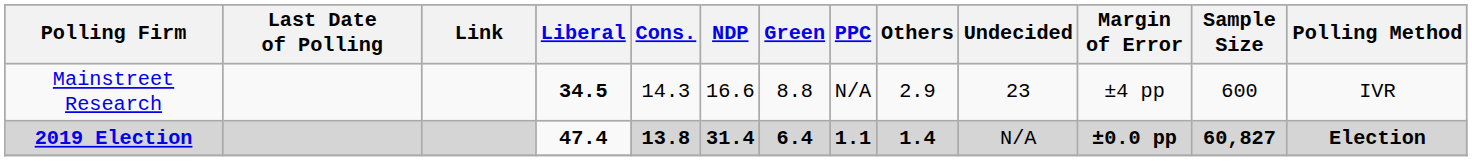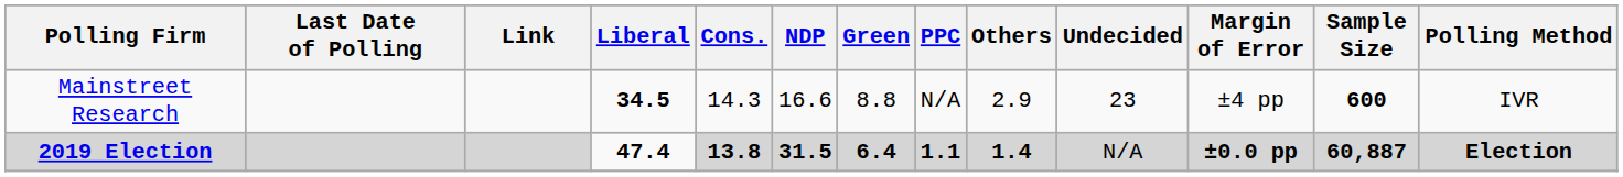 <table class="wikitable sortable" style="text-align:center;font-size:90%;line-height:14px;">
 <tr style="background:#e9e9e9;">
 <th style="width:120px">Polling Firm</th>
 <th style="width:110px">Last Date<br>of Polling</th>
 <th style="width:60px" class="unsortable">Link</th>
 <th style="background-color:"><a href='#'>Liberal</a></th>
 <th style="background-color:"><a href='#'>Cons.</a></th>
 <th style="background-color:"><a href='#'>NDP</a></th>
 <th style="background-color:"><a href='#'>Green</a></th>
 <th style="background-color:"><a href='#'><span>PPC</span></a></th>
 <th style="background-color:">Others</th>
 <th style="background-color:">Undecided</th>
 <th style="width:60px;" class=unsortable>Margin<br>of Error</th>
 <th style="width:50px;" class=unsortable>Sample<br>Size</th>
 <th class=unsortable>Polling Method</th>
 </tr>
 <tr>
 <td><a href='#'>Mainstreet Research</a></td>
 <td></td>
 <td></td>
 <td><strong>34.5</strong></td>
 <td>14.3</td>
 <td>16.6</td>
 <td>8.8</td>
 <td>N/A</td>
 <td>2.9</td>
 <td>23</td>
 <td>±4 pp</td>
-<td>600</td>
+<td><strong>600</strong></td>
 <td>IVR</td>
 </tr>
 <tr>
 <td style="background:#D5D5D5"><strong><a href='#'>2019 Election</a></strong></td>
 <td style="background:#D5D5D5"><strong></strong></td>
 <td style="background:#D5D5D5"></td>
 <td><strong>47.4</strong></td>
 <td style="background:#D5D5D5"><strong>13.8</strong></td>
-<td style="background:#D5D5D5"><strong>31.4</strong></td>
+<td style="background:#D5D5D5"><strong>31.5</strong></td>
 <td style="background:#D5D5D5"><strong>6.4</strong></td>
 <td style="background:#D5D5D5"><strong>1.1</strong></td>
 <td style="background:#D5D5D5"><strong>1.4</strong></td>
 <td style="background:#D5D5D5">N/A</td>
 <td style="background:#D5D5D5"><strong>±0.0 pp</strong></td>
-<td style="background:#D5D5D5"><strong>60,827</strong></td>
+<td style="background:#D5D5D5"><strong>60,887</strong></td>
 <td style="background:#D5D5D5"><strong>Election</strong></td>
 </tr>
 <tr>
 </tr>
 <tr>
 </tr>
 </table>
